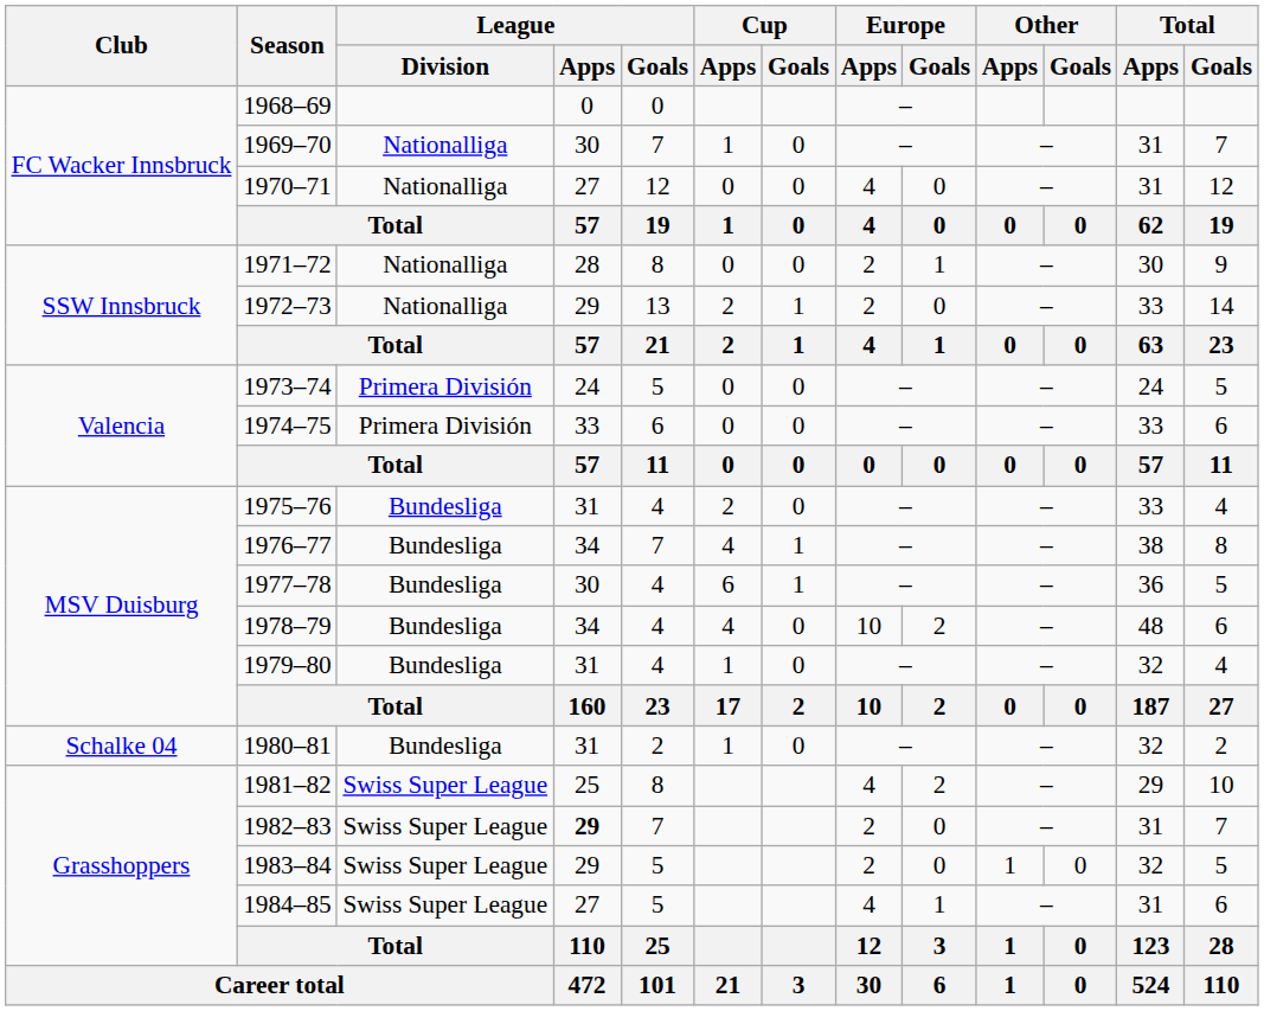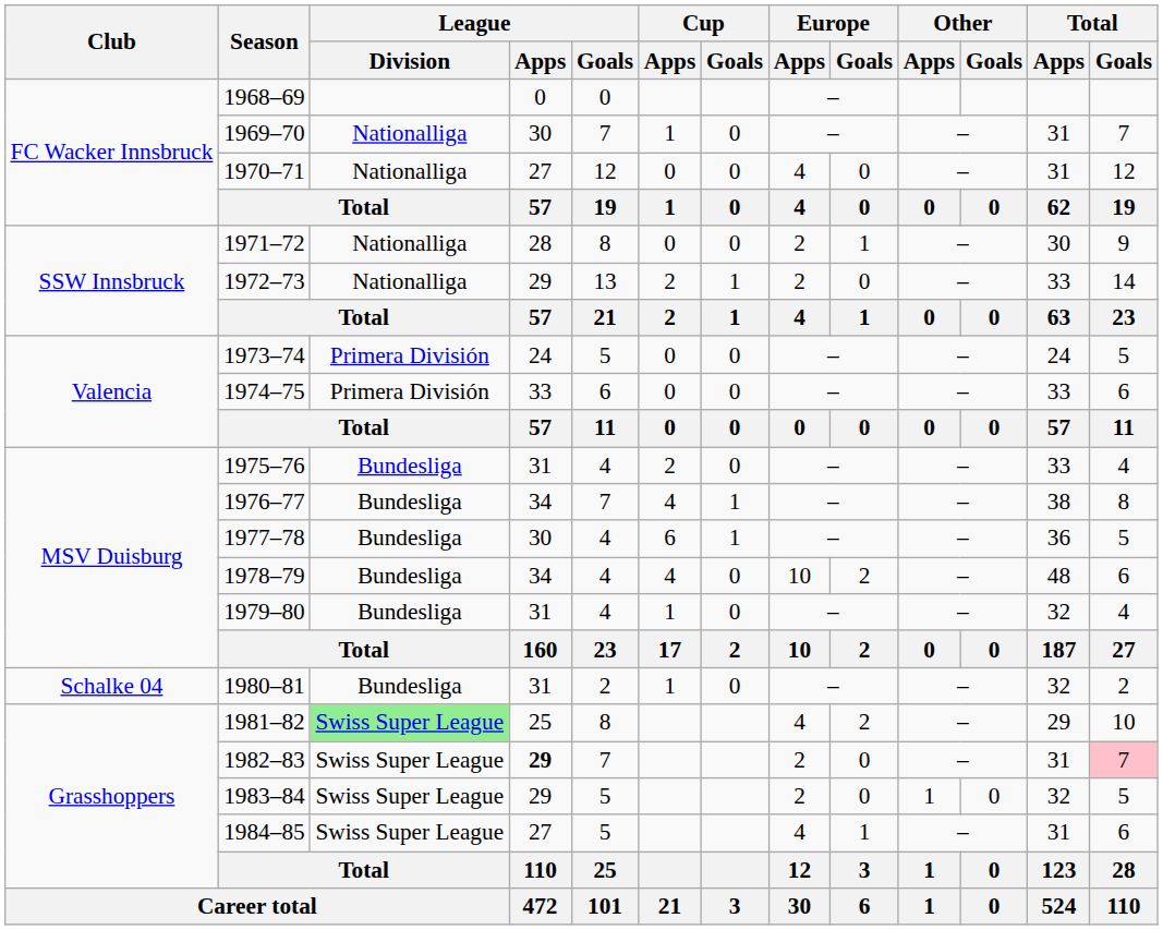 <table class="wikitable" style="text-align: center">
 <tr>
 <th rowspan="2">Club</th>
 <th rowspan="2">Season</th>
 <th colspan="3">League</th>
 <th colspan="2">Cup</th>
 <th colspan="2">Europe</th>
 <th colspan="2">Other</th>
 <th colspan="2">Total</th>
 </tr>
 <tr>
 <th>Division</th>
 <th>Apps</th>
 <th>Goals</th>
 <th>Apps</th>
 <th>Goals</th>
 <th>Apps</th>
 <th>Goals</th>
 <th>Apps</th>
 <th>Goals</th>
 <th>Apps</th>
 <th>Goals</th>
 </tr>
 <tr>
 <td rowspan="4"><a href='#'>FC Wacker Innsbruck</a></td>
 <td>1968–69</td>
 <td></td>
 <td>0</td>
 <td>0</td>
 <td></td>
 <td></td>
 <td colspan="2">–</td>
 <td></td>
 <td></td>
 <td></td>
 <td></td>
 </tr>
 <tr>
 <td>1969–70</td>
 <td><a href='#'>Nationalliga</a></td>
 <td>30</td>
 <td>7</td>
 <td>1</td>
 <td>0</td>
 <td colspan="2">–</td>
 <td colspan="2">–</td>
 <td>31</td>
 <td>7</td>
 </tr>
 <tr>
 <td>1970–71</td>
 <td>Nationalliga</td>
 <td>27</td>
 <td>12</td>
 <td>0</td>
 <td>0</td>
 <td>4</td>
 <td>0</td>
 <td colspan="2">–</td>
 <td>31</td>
 <td>12</td>
 </tr>
 <tr>
 <th colspan="2">Total</th>
 <th>57</th>
 <th>19</th>
 <th>1</th>
 <th>0</th>
 <th>4</th>
 <th>0</th>
 <th>0</th>
 <th>0</th>
 <th>62</th>
 <th>19</th>
 </tr>
 <tr>
 <td rowspan="3"><a href='#'>SSW Innsbruck</a></td>
 <td>1971–72</td>
 <td>Nationalliga</td>
 <td>28</td>
 <td>8</td>
 <td>0</td>
 <td>0</td>
 <td>2</td>
 <td>1</td>
 <td colspan="2">–</td>
 <td>30</td>
 <td>9</td>
 </tr>
 <tr>
 <td>1972–73</td>
 <td>Nationalliga</td>
 <td>29</td>
 <td>13</td>
 <td>2</td>
 <td>1</td>
 <td>2</td>
 <td>0</td>
 <td colspan="2">–</td>
 <td>33</td>
 <td>14</td>
 </tr>
 <tr>
 <th colspan="2">Total</th>
 <th>57</th>
 <th>21</th>
 <th>2</th>
 <th>1</th>
 <th>4</th>
 <th>1</th>
 <th>0</th>
 <th>0</th>
 <th>63</th>
 <th>23</th>
 </tr>
 <tr>
 <td rowspan="3"><a href='#'>Valencia</a></td>
 <td>1973–74</td>
 <td><a href='#'>Primera División</a></td>
 <td>24</td>
 <td>5</td>
 <td>0</td>
 <td>0</td>
 <td colspan="2">–</td>
 <td colspan="2">–</td>
 <td>24</td>
 <td>5</td>
 </tr>
 <tr>
 <td>1974–75</td>
 <td>Primera División</td>
 <td>33</td>
 <td>6</td>
 <td>0</td>
 <td>0</td>
 <td colspan="2">–</td>
 <td colspan="2">–</td>
 <td>33</td>
 <td>6</td>
 </tr>
 <tr>
 <th colspan="2">Total</th>
 <th>57</th>
 <th>11</th>
 <th>0</th>
 <th>0</th>
 <th>0</th>
 <th>0</th>
 <th>0</th>
 <th>0</th>
 <th>57</th>
 <th>11</th>
 </tr>
 <tr>
 <td rowspan="6"><a href='#'>MSV Duisburg</a></td>
 <td>1975–76</td>
 <td><a href='#'>Bundesliga</a></td>
 <td>31</td>
 <td>4</td>
 <td>2</td>
 <td>0</td>
 <td colspan="2">–</td>
 <td colspan="2">–</td>
 <td>33</td>
 <td>4</td>
 </tr>
 <tr>
 <td>1976–77</td>
 <td>Bundesliga</td>
 <td>34</td>
 <td>7</td>
 <td>4</td>
 <td>1</td>
 <td colspan="2">–</td>
 <td colspan="2">–</td>
 <td>38</td>
 <td>8</td>
 </tr>
 <tr>
 <td>1977–78</td>
 <td>Bundesliga</td>
 <td>30</td>
 <td>4</td>
 <td>6</td>
 <td>1</td>
 <td colspan="2">–</td>
 <td colspan="2">–</td>
 <td>36</td>
 <td>5</td>
 </tr>
 <tr>
 <td>1978–79</td>
 <td>Bundesliga</td>
 <td>34</td>
 <td>4</td>
 <td>4</td>
 <td>0</td>
 <td>10</td>
 <td>2</td>
 <td colspan="2">–</td>
 <td>48</td>
 <td>6</td>
 </tr>
 <tr>
 <td>1979–80</td>
 <td>Bundesliga</td>
 <td>31</td>
 <td>4</td>
 <td>1</td>
 <td>0</td>
 <td colspan="2">–</td>
 <td colspan="2">–</td>
 <td>32</td>
 <td>4</td>
 </tr>
 <tr>
 <th colspan="2">Total</th>
 <th>160</th>
 <th>23</th>
 <th>17</th>
 <th>2</th>
 <th>10</th>
 <th>2</th>
 <th>0</th>
 <th>0</th>
 <th>187</th>
 <th>27</th>
 </tr>
 <tr>
 <td><a href='#'>Schalke 04</a></td>
 <td>1980–81</td>
 <td>Bundesliga</td>
 <td>31</td>
 <td>2</td>
 <td>1</td>
 <td>0</td>
 <td colspan="2">–</td>
 <td colspan="2">–</td>
 <td>32</td>
 <td>2</td>
 </tr>
 <tr>
 <td rowspan="5"><a href='#'>Grasshoppers</a></td>
 <td>1981–82</td>
-<td><a href='#'>Swiss Super League</a></td>
+<td style="background: lightgreen;"><a href='#'>Swiss Super League</a></td>
 <td>25</td>
 <td>8</td>
 <td></td>
 <td></td>
 <td>4</td>
 <td>2</td>
 <td colspan="2">–</td>
 <td>29</td>
 <td>10</td>
 </tr>
 <tr>
 <td>1982–83</td>
 <td>Swiss Super League</td>
 <td><strong>29</strong></td>
 <td>7</td>
 <td></td>
 <td></td>
 <td>2</td>
 <td>0</td>
 <td colspan="2">–</td>
 <td>31</td>
-<td>7</td>
+<td style="background: pink;">7</td>
 </tr>
 <tr>
 <td>1983–84</td>
 <td>Swiss Super League</td>
 <td>29</td>
 <td>5</td>
 <td></td>
 <td></td>
 <td>2</td>
 <td>0</td>
 <td>1</td>
 <td>0</td>
 <td>32</td>
 <td>5</td>
 </tr>
 <tr>
 <td>1984–85</td>
 <td>Swiss Super League</td>
 <td>27</td>
 <td>5</td>
 <td></td>
 <td></td>
 <td>4</td>
 <td>1</td>
 <td colspan="2">–</td>
 <td>31</td>
 <td>6</td>
 </tr>
 <tr>
 <th colspan="2">Total</th>
 <th>110</th>
 <th>25</th>
 <th></th>
 <th></th>
 <th>12</th>
 <th>3</th>
 <th>1</th>
 <th>0</th>
 <th>123</th>
 <th>28</th>
 </tr>
 <tr>
 <th colspan="3">Career total</th>
 <th>472</th>
 <th>101</th>
 <th>21</th>
 <th>3</th>
 <th>30</th>
 <th>6</th>
 <th>1</th>
 <th>0</th>
 <th>524</th>
 <th>110</th>
 </tr>
 </table>
